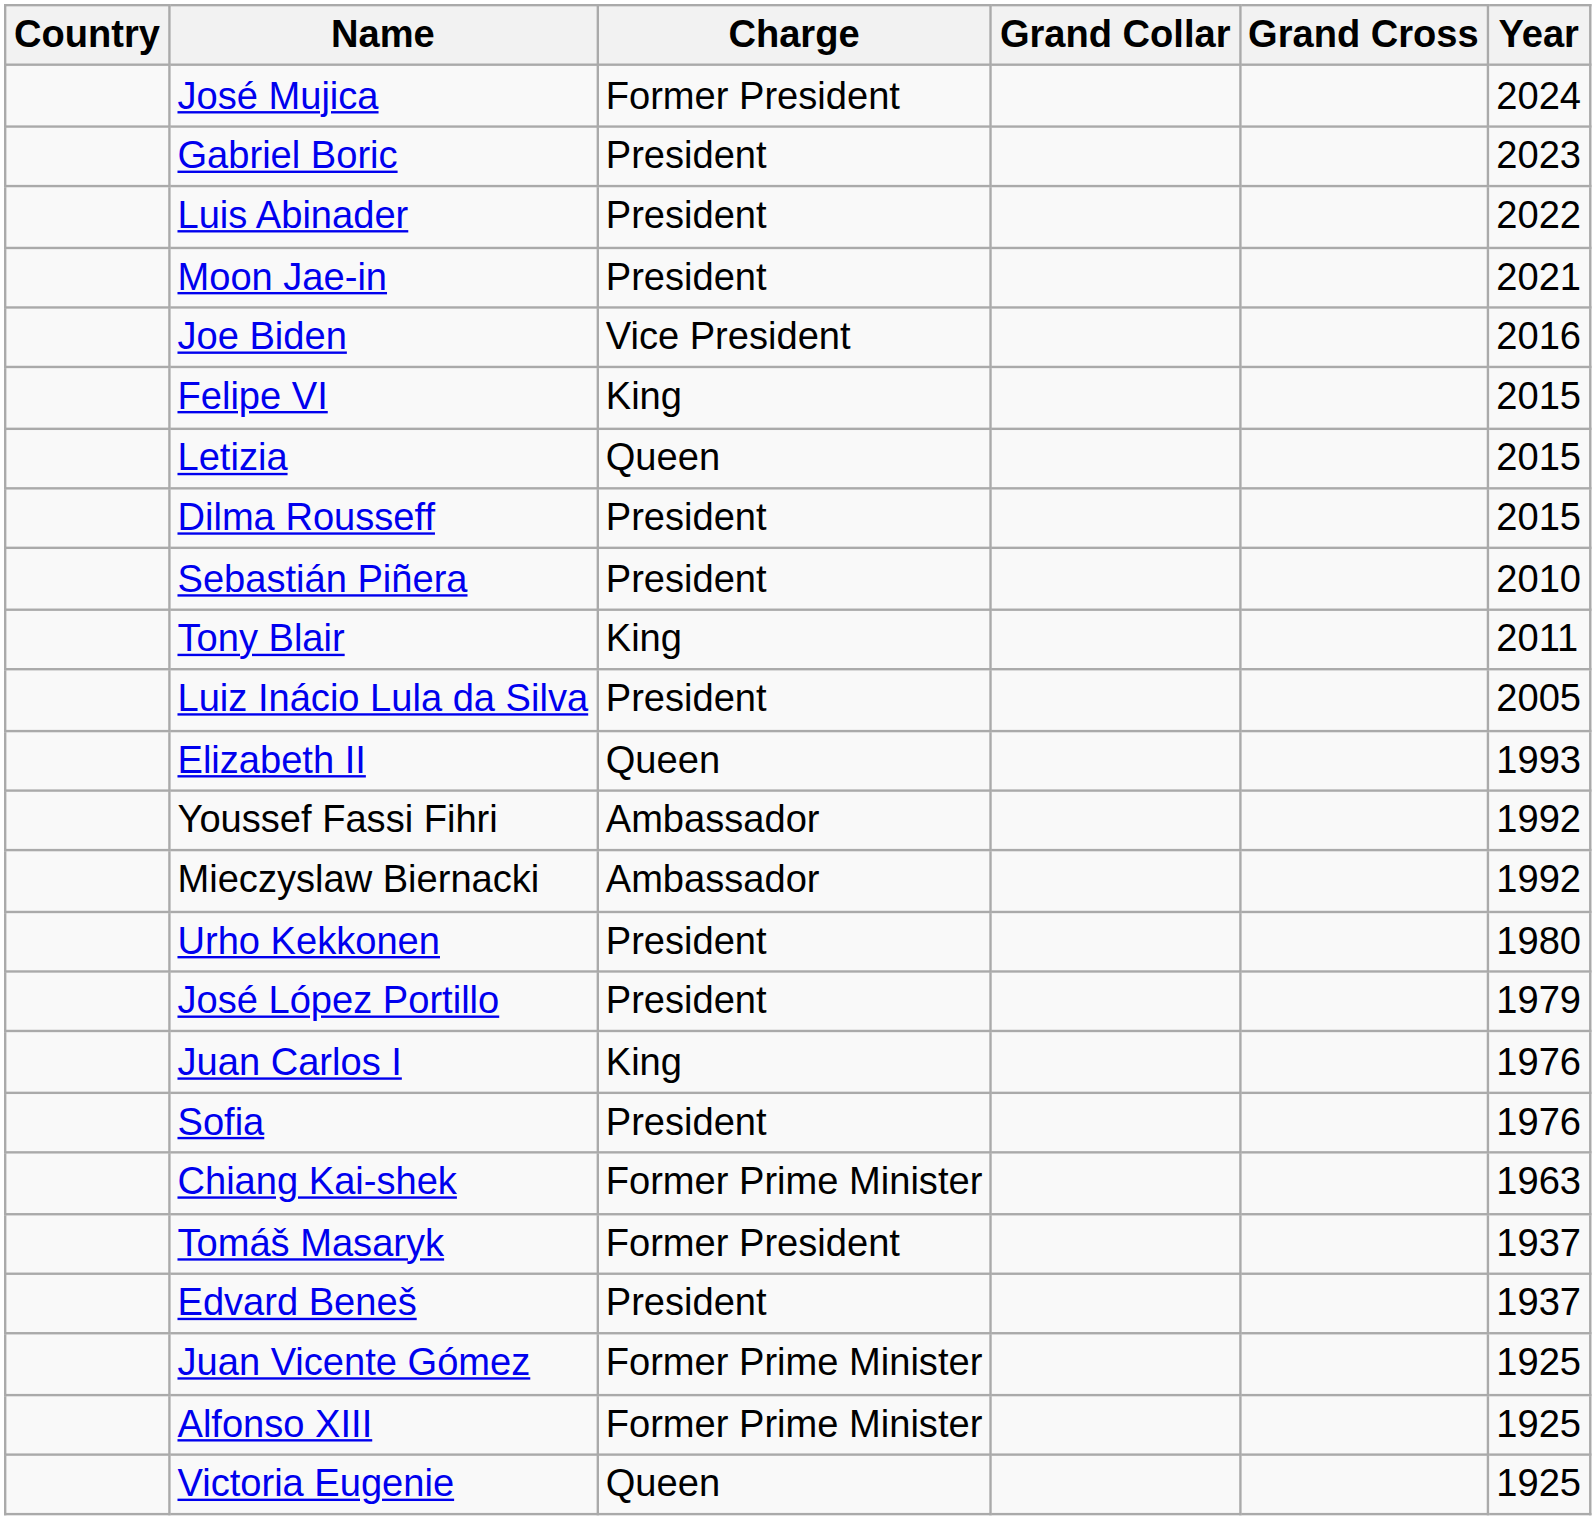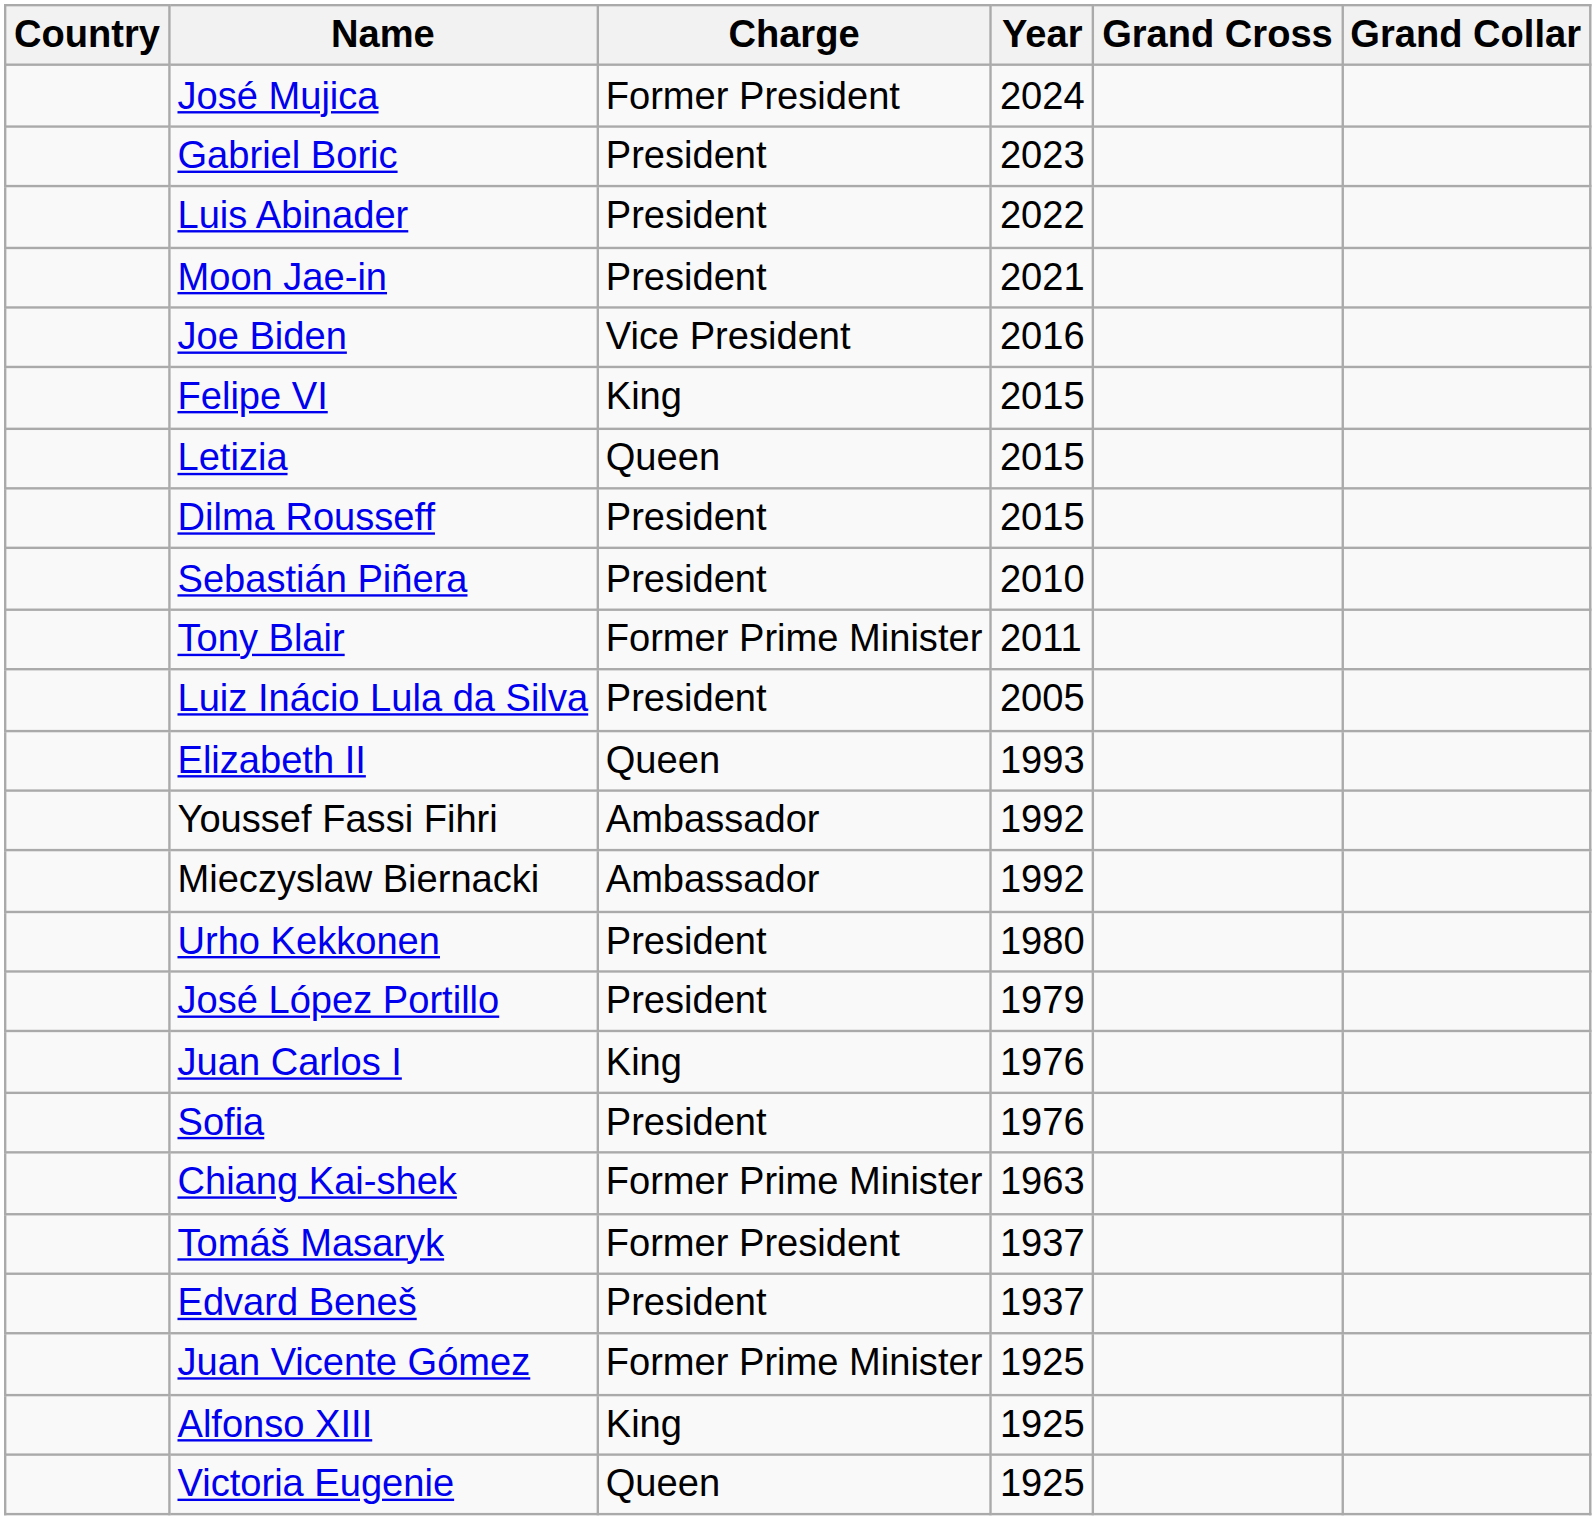 <table class="wikitable sortable" style="text-size:98%;">
 <tr>
 <th>Country</th>
 <th>Name</th>
 <th>Charge</th>
+<th>Year</th>
+<th>Grand Cross</th>
 <th>Grand Collar</th>
-<th>Grand Cross</th>
-<th>Year</th>
 </tr>
 <tr>
 <td></td>
 <td><a href='#'>José Mujica</a></td>
 <td>Former President</td>
+<td>2024</td>
+<td align="center"></td>
 <td></td>
-<td align="center"></td>
-<td>2024</td>
 </tr>
 <tr>
 <td></td>
 <td><a href='#'>Gabriel Boric</a></td>
 <td>President</td>
+<td>2023</td>
+<td></td>
 <td align="center"></td>
-<td></td>
-<td>2023</td>
 </tr>
 <tr>
 <td></td>
 <td><a href='#'>Luis Abinader</a></td>
 <td>President</td>
+<td>2022</td>
+<td></td>
 <td align="center"></td>
-<td></td>
-<td>2022</td>
 </tr>
 <tr>
 <td></td>
 <td><a href='#'>Moon Jae-in</a></td>
 <td>President</td>
+<td>2021</td>
+<td></td>
 <td align="center"></td>
-<td></td>
-<td>2021</td>
 </tr>
 <tr>
 <td></td>
 <td><a href='#'>Joe Biden</a></td>
 <td>Vice President</td>
+<td>2016</td>
+<td align="center"></td>
 <td></td>
-<td align="center"></td>
-<td>2016</td>
 </tr>
 <tr>
 <td></td>
 <td><a href='#'>Felipe VI</a></td>
 <td>King</td>
+<td>2015</td>
+<td></td>
 <td align="center"></td>
-<td></td>
-<td>2015</td>
 </tr>
 <tr>
 <td></td>
 <td><a href='#'>Letizia</a></td>
 <td>Queen</td>
+<td>2015</td>
+<td align="center"></td>
 <td></td>
-<td align="center"></td>
-<td>2015</td>
 </tr>
 <tr>
 <td></td>
 <td><a href='#'>Dilma Rousseff</a></td>
 <td>President</td>
+<td>2015</td>
+<td></td>
 <td align="center"></td>
-<td></td>
-<td>2015</td>
 </tr>
 <tr>
 <td></td>
 <td><a href='#'>Sebastián Piñera</a></td>
 <td>President</td>
+<td>2010</td>
+<td></td>
 <td align="center"></td>
-<td></td>
-<td>2010</td>
 </tr>
 <tr>
 <td></td>
 <td><a href='#'>Tony Blair</a></td>
-<td>King</td>
+<td>Former Prime Minister</td>
+<td>2011</td>
+<td align="center"></td>
 <td></td>
-<td align="center"></td>
-<td>2011</td>
 </tr>
 <tr>
 <td></td>
 <td><a href='#'>Luiz Inácio Lula da Silva</a></td>
 <td>President</td>
+<td>2005</td>
+<td></td>
 <td align="center"></td>
-<td></td>
-<td>2005</td>
 </tr>
 <tr>
 <td></td>
 <td><a href='#'>Elizabeth II</a></td>
 <td>Queen</td>
+<td>1993</td>
+<td></td>
 <td align="center"></td>
-<td></td>
-<td>1993</td>
 </tr>
 <tr>
 <td></td>
 <td>Youssef Fassi Fihri</td>
 <td>Ambassador</td>
+<td>1992</td>
+<td align="center"></td>
 <td></td>
-<td align="center"></td>
-<td>1992</td>
 </tr>
 <tr>
 <td></td>
 <td>Mieczyslaw Biernacki</td>
 <td>Ambassador</td>
+<td>1992</td>
+<td align="center"></td>
 <td></td>
-<td align="center"></td>
-<td>1992</td>
 </tr>
 <tr>
 <td></td>
 <td><a href='#'>Urho Kekkonen</a></td>
 <td>President</td>
+<td>1980</td>
+<td></td>
 <td align="center"></td>
-<td></td>
-<td>1980</td>
 </tr>
 <tr>
 <td></td>
 <td><a href='#'>José López Portillo</a></td>
 <td>President</td>
+<td>1979</td>
+<td></td>
 <td align="center"></td>
-<td></td>
-<td>1979</td>
 </tr>
 <tr>
 <td></td>
 <td><a href='#'>Juan Carlos I</a></td>
 <td>King</td>
+<td>1976</td>
+<td></td>
 <td align="center"></td>
-<td></td>
-<td>1976</td>
 </tr>
 <tr>
 <td></td>
 <td><a href='#'>Sofia</a></td>
 <td>President</td>
+<td>1976</td>
+<td align="center"></td>
 <td></td>
-<td align="center"></td>
-<td>1976</td>
 </tr>
 <tr>
 <td></td>
 <td><a href='#'>Chiang Kai-shek</a></td>
 <td>Former Prime Minister</td>
+<td>1963</td>
+<td></td>
 <td align="center"></td>
-<td></td>
-<td>1963</td>
 </tr>
 <tr>
 <td></td>
 <td><a href='#'>Tomáš Masaryk</a></td>
 <td>Former President</td>
+<td>1937</td>
+<td></td>
 <td align="center"></td>
-<td></td>
-<td>1937</td>
 </tr>
 <tr>
 <td></td>
 <td><a href='#'>Edvard Beneš</a></td>
 <td>President</td>
+<td>1937</td>
+<td></td>
 <td align="center"></td>
-<td></td>
-<td>1937</td>
 </tr>
 <tr>
 <td></td>
 <td><a href='#'>Juan Vicente Gómez</a></td>
 <td>Former Prime Minister</td>
+<td>1925</td>
+<td></td>
 <td align="center"></td>
-<td></td>
-<td>1925</td>
 </tr>
 <tr>
 <td></td>
 <td><a href='#'>Alfonso XIII</a></td>
-<td>Former Prime Minister</td>
+<td>King</td>
+<td>1925</td>
+<td></td>
 <td align="center"></td>
-<td></td>
-<td>1925</td>
 </tr>
 <tr>
 <td></td>
 <td><a href='#'>Victoria Eugenie</a></td>
 <td>Queen</td>
+<td>1925</td>
+<td align="center"></td>
 <td></td>
-<td align="center"></td>
-<td>1925</td>
 </tr>
 </table>
